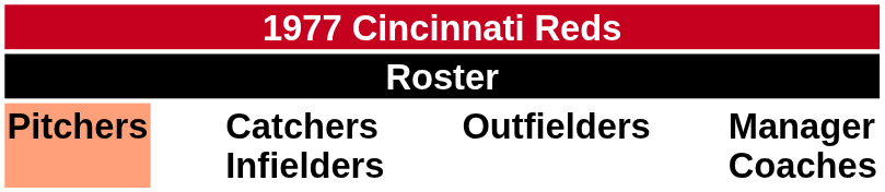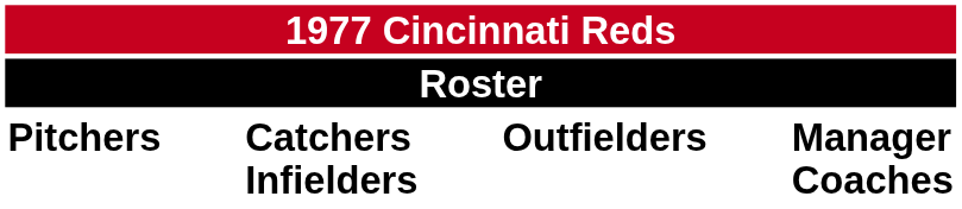 <table class="toccolours" style="font-size: 95%;">
 <tr>
 <th colspan="10" style="background:#c6011f; color:white; text-align:center;">1977 Cincinnati Reds</th>
 </tr>
 <tr>
 <td colspan="10" style="background:black; color:white; text-align:center;"><strong>Roster</strong></td>
 </tr>
 <tr>
-<td valign="top" style="background: lightsalmon;"><strong>Pitchers</strong><br>                   </td>
+<td valign="top"><strong>Pitchers</strong><br>                   </td>
 <td style="width:25px;"></td>
 <td valign="top"><strong>Catchers</strong><br>   <strong>Infielders</strong>        </td>
 <td style="width:25px;"></td>
 <td valign="top"><strong>Outfielders</strong><br>     </td>
 <td style="width:25px;"></td>
 <td valign="top"><strong>Manager</strong><br> <strong>Coaches</strong>    </td>
 </tr>
 </table>
